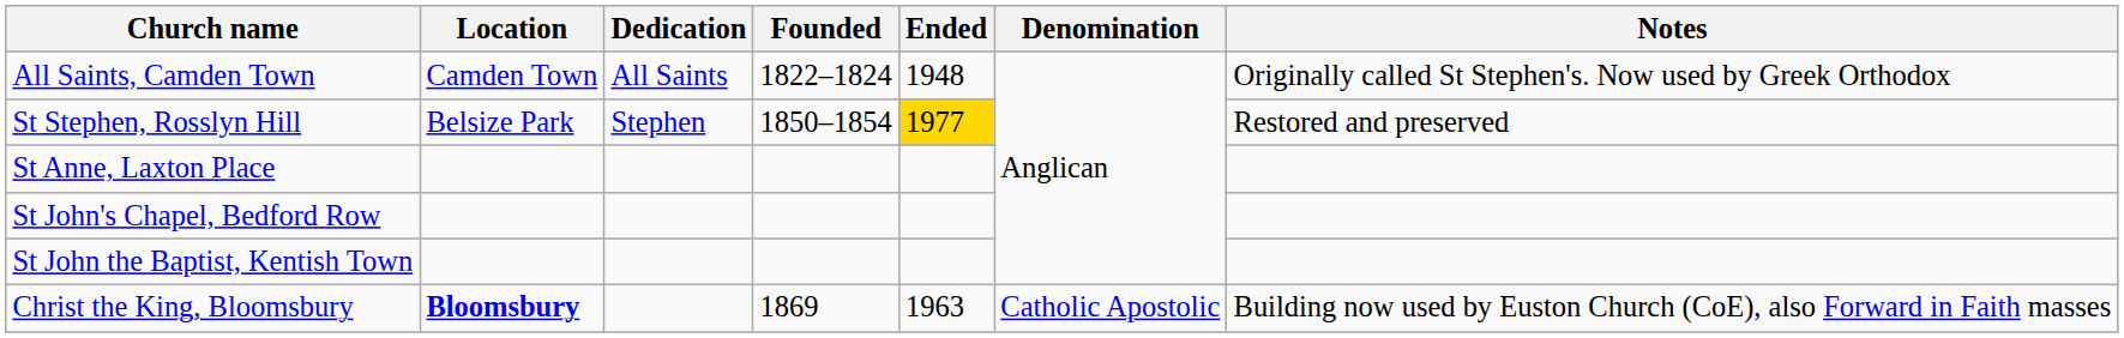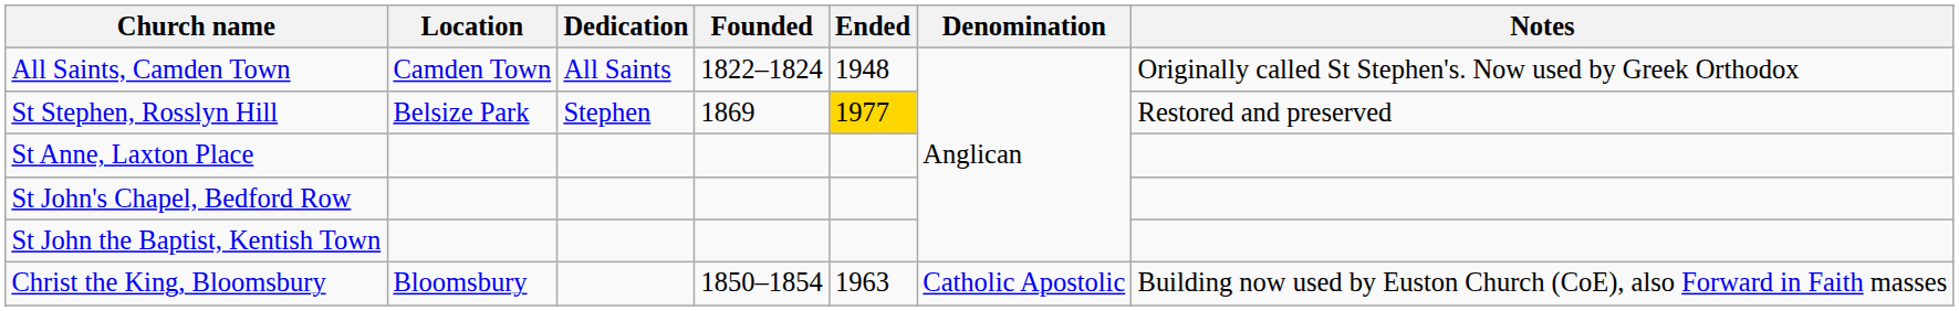 <table class="wikitable sortable">
 <tr>
 <th>Church name</th>
 <th>Location</th>
 <th>Dedication</th>
 <th>Founded</th>
 <th>Ended</th>
 <th>Denomination</th>
 <th>Notes</th>
 </tr>
 <tr>
 <td><a href='#'>All Saints, Camden Town</a></td>
 <td><a href='#'>Camden Town</a></td>
 <td><a href='#'>All Saints</a></td>
 <td>1822–1824</td>
 <td>1948</td>
 <td rowspan="5">Anglican</td>
 <td>Originally called St Stephen's. Now used by Greek Orthodox</td>
 </tr>
 <tr>
 <td><a href='#'>St Stephen, Rosslyn Hill</a></td>
 <td><a href='#'>Belsize Park</a></td>
 <td><a href='#'>Stephen</a></td>
-<td>1850–1854</td>
+<td>1869</td>
 <td style="background: gold;">1977</td>
 <td>Restored and preserved</td>
 </tr>
 <tr>
 <td><a href='#'>St Anne, Laxton Place</a></td>
 <td></td>
 <td></td>
 <td></td>
 <td></td>
 <td></td>
 </tr>
 <tr>
 <td><a href='#'>St John's Chapel, Bedford Row</a></td>
 <td></td>
 <td></td>
 <td></td>
 <td></td>
 <td></td>
 </tr>
 <tr>
 <td><a href='#'>St John the Baptist, Kentish Town</a></td>
 <td></td>
 <td></td>
 <td></td>
 <td></td>
 <td></td>
 </tr>
 <tr>
 <td><a href='#'>Christ the King, Bloomsbury</a></td>
-<td><strong><a href='#'>Bloomsbury</a></strong></td>
+<td><a href='#'>Bloomsbury</a></td>
 <td></td>
-<td>1869</td>
+<td>1850–1854</td>
 <td>1963</td>
 <td><a href='#'>Catholic Apostolic</a></td>
 <td>Building now used by Euston Church (CoE), also <a href='#'>Forward in Faith</a> masses</td>
 </tr>
 </table>
